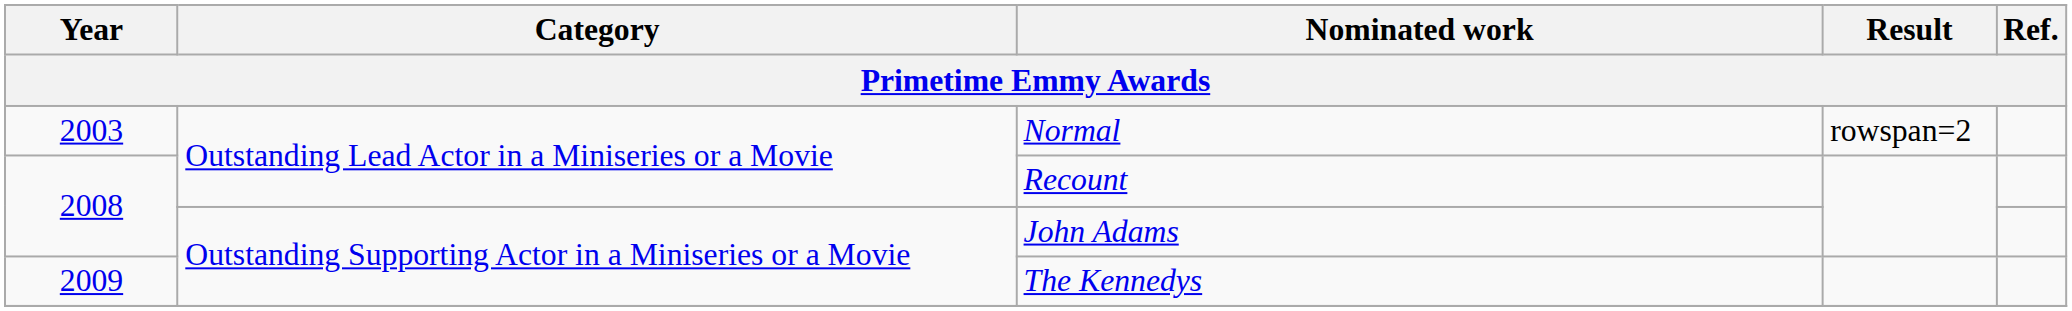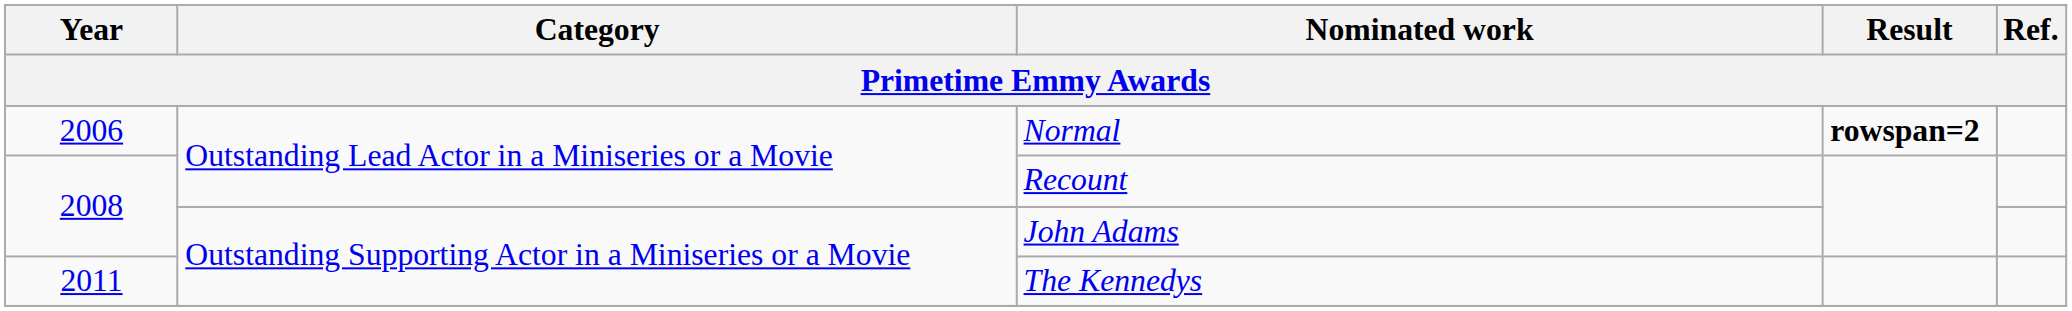 <table class=wikitable>
 <tr>
 <th scope="col" style="width:5em;">Year</th>
 <th scope="col" style="width:26em;">Category</th>
 <th scope="col" style="width:25em;">Nominated work</th>
 <th scope="col" style="width:5em;">Result</th>
 <th>Ref.</th>
 </tr>
 <tr>
 <th colspan=5><a href='#'>Primetime Emmy Awards</a></th>
 </tr>
 <tr>
-<td style="text-align:center;"><a href='#'>2003</a></td>
+<td style="text-align:center;"><a href='#'>2006</a></td>
 <td rowspan=2><a href='#'>Outstanding Lead Actor in a Miniseries or a Movie</a></td>
 <td><em><a href='#'>Normal</a></em></td>
-<td>rowspan=2  </td>
+<td><strong>rowspan=2  </strong></td>
 <td></td>
 </tr>
 <tr>
 <td style="text-align:center;", rowspan=2><a href='#'>2008</a></td>
 <td><em><a href='#'>Recount</a></em></td>
 <td rowspan=2></td>
 </tr>
 <tr>
 <td rowspan=2><a href='#'>Outstanding Supporting Actor in a Miniseries or a Movie</a></td>
 <td><em><a href='#'>John Adams</a></em></td>
 <td></td>
 </tr>
 <tr>
-<td style="text-align:center;"><a href='#'>2009</a></td>
+<td style="text-align:center;"><a href='#'>2011</a></td>
 <td><em><a href='#'>The Kennedys</a></em></td>
 <td></td>
 <td></td>
 </tr>
 <tr>
 </tr>
 </table>
